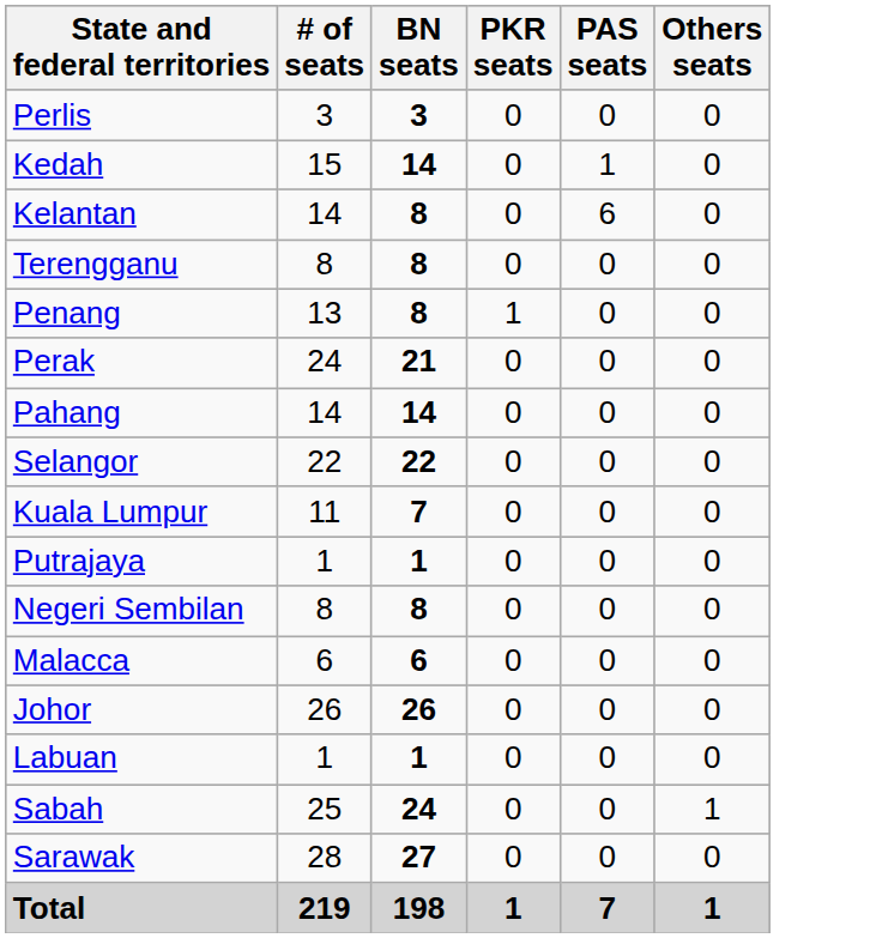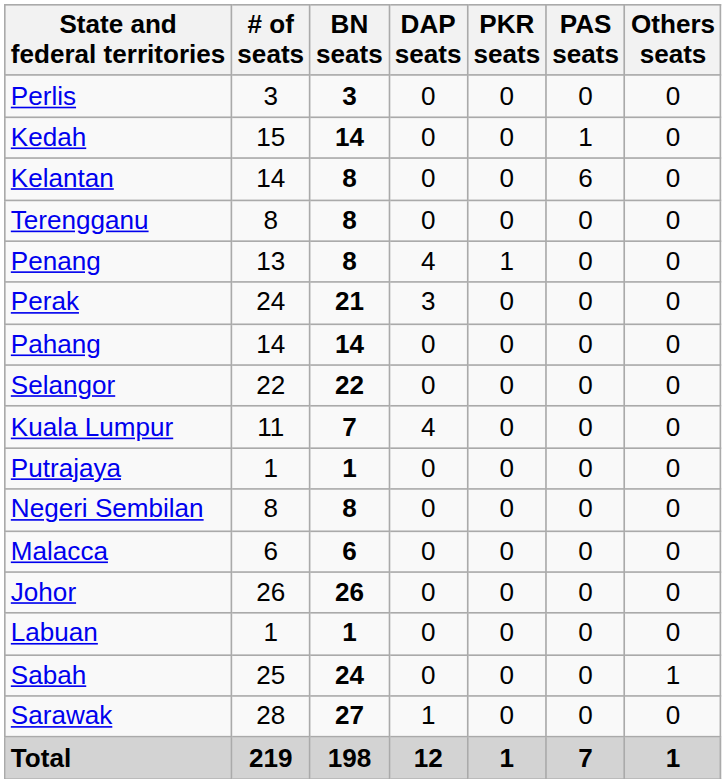 <table class="wikitable sortable" style="text-align:center">
 <tr>
 <th>State and<br>federal territories</th>
 <th># of<br>seats</th>
 <th>BN<br>seats</th>
+<th>DAP<br>seats</th>
 <th>PKR<br>seats</th>
 <th>PAS<br>seats</th>
 <th>Others<br>seats</th>
 </tr>
 <tr>
 <td style="text-align:left"> <a href='#'>Perlis</a></td>
 <td>3</td>
 <td><strong>3</strong></td>
 <td>0</td>
 <td>0</td>
 <td>0</td>
+<td>0</td>
 </tr>
 <tr>
 <td style="text-align:left"> <a href='#'>Kedah</a></td>
 <td>15</td>
 <td><strong>14</strong></td>
+<td>0</td>
 <td>0</td>
 <td>1</td>
 <td>0</td>
 </tr>
 <tr>
 <td style="text-align:left"> <a href='#'>Kelantan</a></td>
 <td>14</td>
 <td><strong>8</strong></td>
+<td>0</td>
 <td>0</td>
 <td>6</td>
 <td>0</td>
 </tr>
 <tr>
 <td style="text-align:left"> <a href='#'>Terengganu</a></td>
 <td>8</td>
 <td><strong>8</strong></td>
 <td>0</td>
 <td>0</td>
 <td>0</td>
+<td>0</td>
 </tr>
 <tr>
 <td style="text-align:left"> <a href='#'>Penang</a></td>
 <td>13</td>
 <td><strong>8</strong></td>
+<td>4</td>
 <td>1</td>
 <td>0</td>
 <td>0</td>
 </tr>
 <tr>
 <td style="text-align:left"> <a href='#'>Perak</a></td>
 <td>24</td>
 <td><strong>21</strong></td>
+<td>3</td>
 <td>0</td>
 <td>0</td>
 <td>0</td>
 </tr>
 <tr>
 <td style="text-align:left"> <a href='#'>Pahang</a></td>
 <td>14</td>
 <td><strong>14</strong></td>
 <td>0</td>
 <td>0</td>
 <td>0</td>
+<td>0</td>
 </tr>
 <tr>
 <td style="text-align:left"> <a href='#'>Selangor</a></td>
 <td>22</td>
 <td><strong>22</strong></td>
 <td>0</td>
 <td>0</td>
 <td>0</td>
+<td>0</td>
 </tr>
 <tr>
 <td style="text-align:left"> <a href='#'>Kuala Lumpur</a></td>
 <td>11</td>
 <td><strong>7</strong></td>
+<td>4</td>
 <td>0</td>
 <td>0</td>
 <td>0</td>
 </tr>
 <tr>
 <td style="text-align:left"> <a href='#'>Putrajaya</a></td>
 <td>1</td>
 <td><strong>1</strong></td>
 <td>0</td>
 <td>0</td>
 <td>0</td>
+<td>0</td>
 </tr>
 <tr>
 <td style="text-align:left"> <a href='#'>Negeri Sembilan</a></td>
 <td>8</td>
 <td><strong>8</strong></td>
+<td>0</td>
 <td>0</td>
 <td>0</td>
 <td>0</td>
 </tr>
 <tr>
 <td style="text-align:left"> <a href='#'>Malacca</a></td>
 <td>6</td>
 <td><strong>6</strong></td>
 <td>0</td>
 <td>0</td>
 <td>0</td>
+<td>0</td>
 </tr>
 <tr>
 <td style="text-align:left"> <a href='#'>Johor</a></td>
 <td>26</td>
 <td><strong>26</strong></td>
+<td>0</td>
 <td>0</td>
 <td>0</td>
 <td>0</td>
 </tr>
 <tr>
 <td style="text-align:left"> <a href='#'>Labuan</a></td>
 <td>1</td>
 <td><strong>1</strong></td>
 <td>0</td>
 <td>0</td>
 <td>0</td>
+<td>0</td>
 </tr>
 <tr>
 <td style="text-align:left"> <a href='#'>Sabah</a></td>
 <td>25</td>
 <td><strong>24</strong></td>
+<td>0</td>
 <td>0</td>
 <td>0</td>
 <td>1 <small></small></td>
 </tr>
 <tr>
 <td style="text-align:left"> <a href='#'>Sarawak</a></td>
 <td>28</td>
 <td><strong>27</strong></td>
+<td>1</td>
 <td>0</td>
 <td>0</td>
 <td>0</td>
 </tr>
 <tr class="sortbottom" bgcolor="lightgrey">
 <td style="text-align:left"><strong>Total</strong></td>
 <td><strong>219</strong></td>
 <td><span><strong>198</strong></span></td>
+<td><span><strong>12</strong></span></td>
 <td><span><strong>1</strong></span></td>
 <td><span><strong>7</strong></span></td>
 <td><strong>1</strong></td>
 </tr>
 </table>
